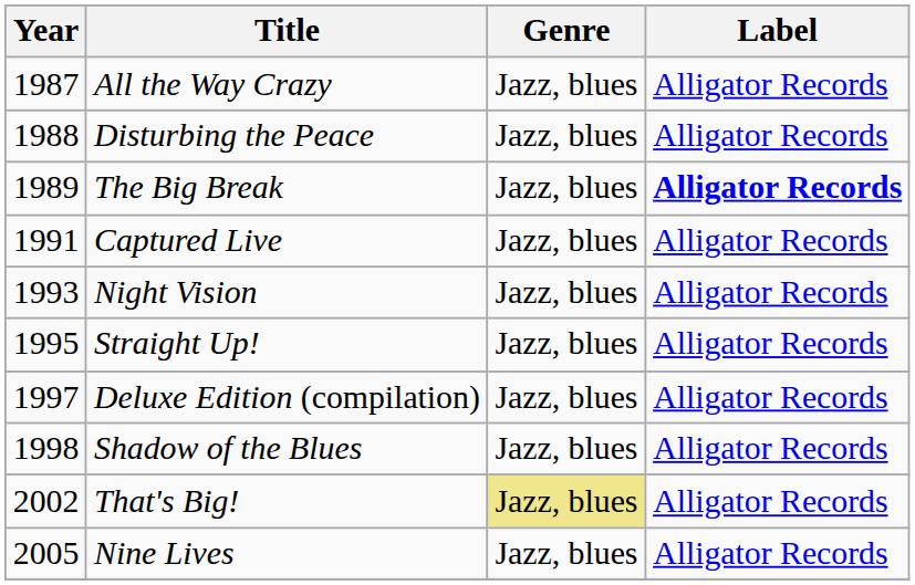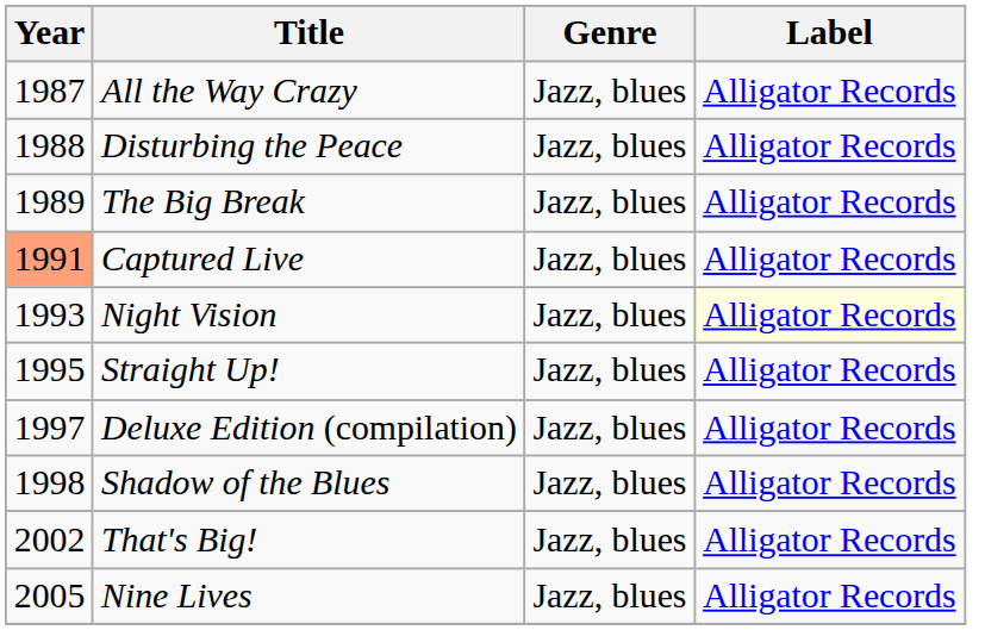 <table class="wikitable">
 <tr>
 <th>Year</th>
 <th>Title</th>
 <th>Genre</th>
 <th>Label</th>
 </tr>
 <tr>
 <td>1987</td>
 <td><em>All the Way Crazy</em></td>
 <td>Jazz, blues</td>
 <td><a href='#'>Alligator Records</a></td>
 </tr>
 <tr>
 <td>1988</td>
 <td><em>Disturbing the Peace</em></td>
 <td>Jazz, blues</td>
 <td><a href='#'>Alligator Records</a></td>
 </tr>
 <tr>
 <td>1989</td>
 <td><em>The Big Break</em></td>
 <td>Jazz, blues</td>
-<td><strong><a href='#'>Alligator Records</a></strong></td>
+<td><a href='#'>Alligator Records</a></td>
 </tr>
 <tr>
-<td>1991</td>
+<td style="background: lightsalmon;">1991</td>
 <td><em>Captured Live</em></td>
 <td>Jazz, blues</td>
 <td><a href='#'>Alligator Records</a></td>
 </tr>
 <tr>
 <td>1993</td>
 <td><em>Night Vision</em></td>
 <td>Jazz, blues</td>
-<td><a href='#'>Alligator Records</a></td>
+<td style="background: lightyellow;"><a href='#'>Alligator Records</a></td>
 </tr>
 <tr>
 <td>1995</td>
 <td><em>Straight Up!</em></td>
 <td>Jazz, blues</td>
 <td><a href='#'>Alligator Records</a></td>
 </tr>
 <tr>
 <td>1997</td>
 <td><em>Deluxe Edition</em> (compilation)</td>
 <td>Jazz, blues</td>
 <td><a href='#'>Alligator Records</a></td>
 </tr>
 <tr>
 <td>1998</td>
 <td><em>Shadow of the Blues</em></td>
 <td>Jazz, blues</td>
 <td><a href='#'>Alligator Records</a></td>
 </tr>
 <tr>
 <td>2002</td>
 <td><em>That's Big!</em></td>
-<td style="background: khaki;">Jazz, blues</td>
+<td>Jazz, blues</td>
 <td><a href='#'>Alligator Records</a></td>
 </tr>
 <tr>
 <td>2005</td>
 <td><em>Nine Lives</em></td>
 <td>Jazz, blues</td>
 <td><a href='#'>Alligator Records</a></td>
 </tr>
 <tr>
 </tr>
 </table>
